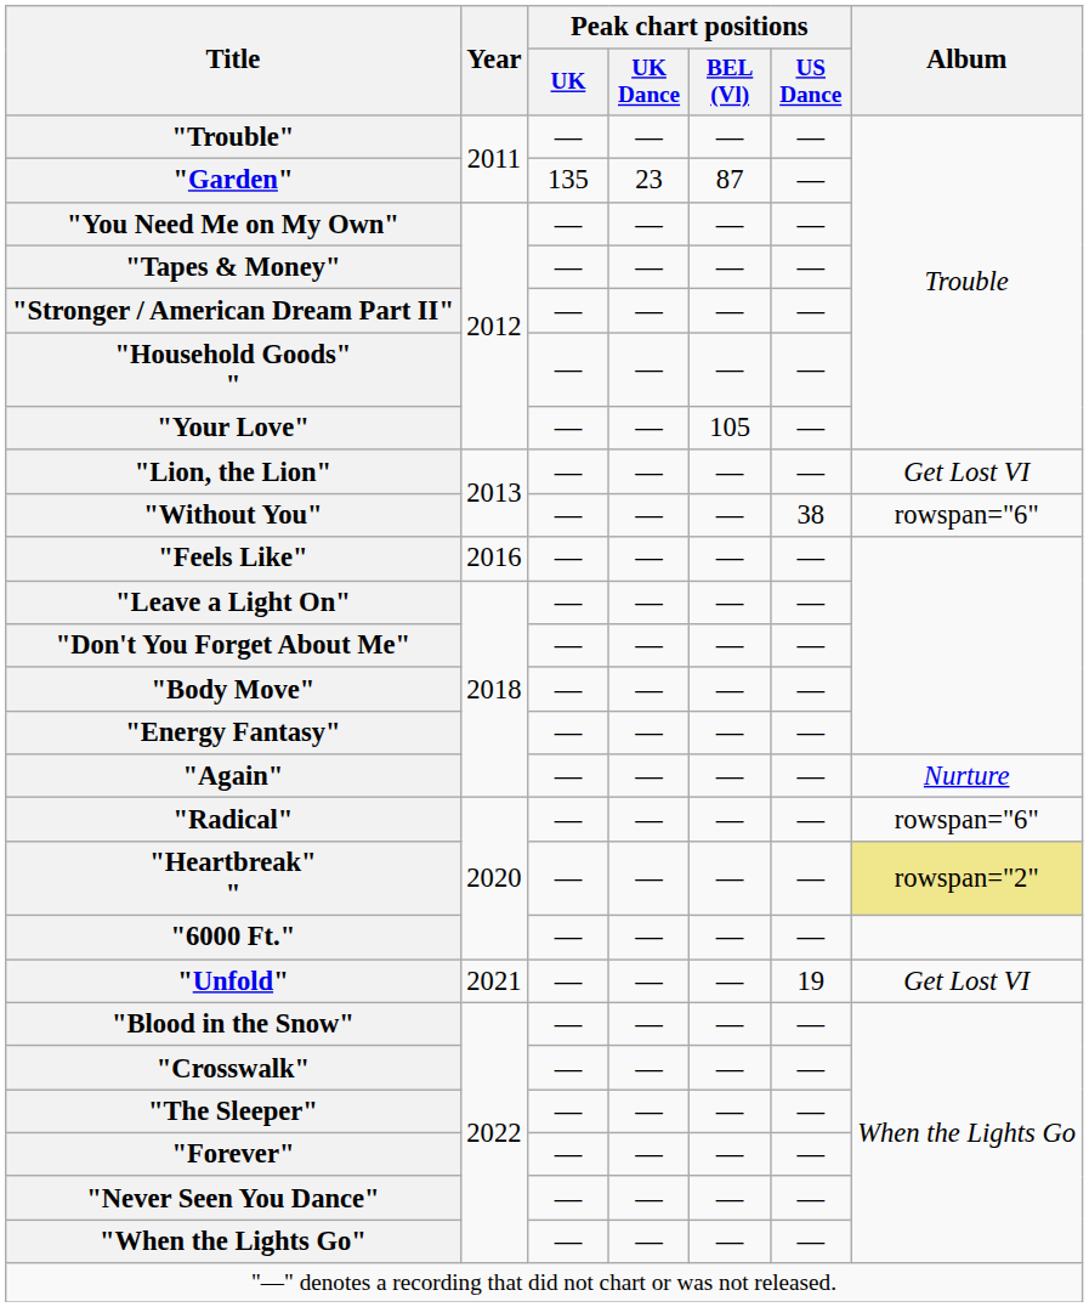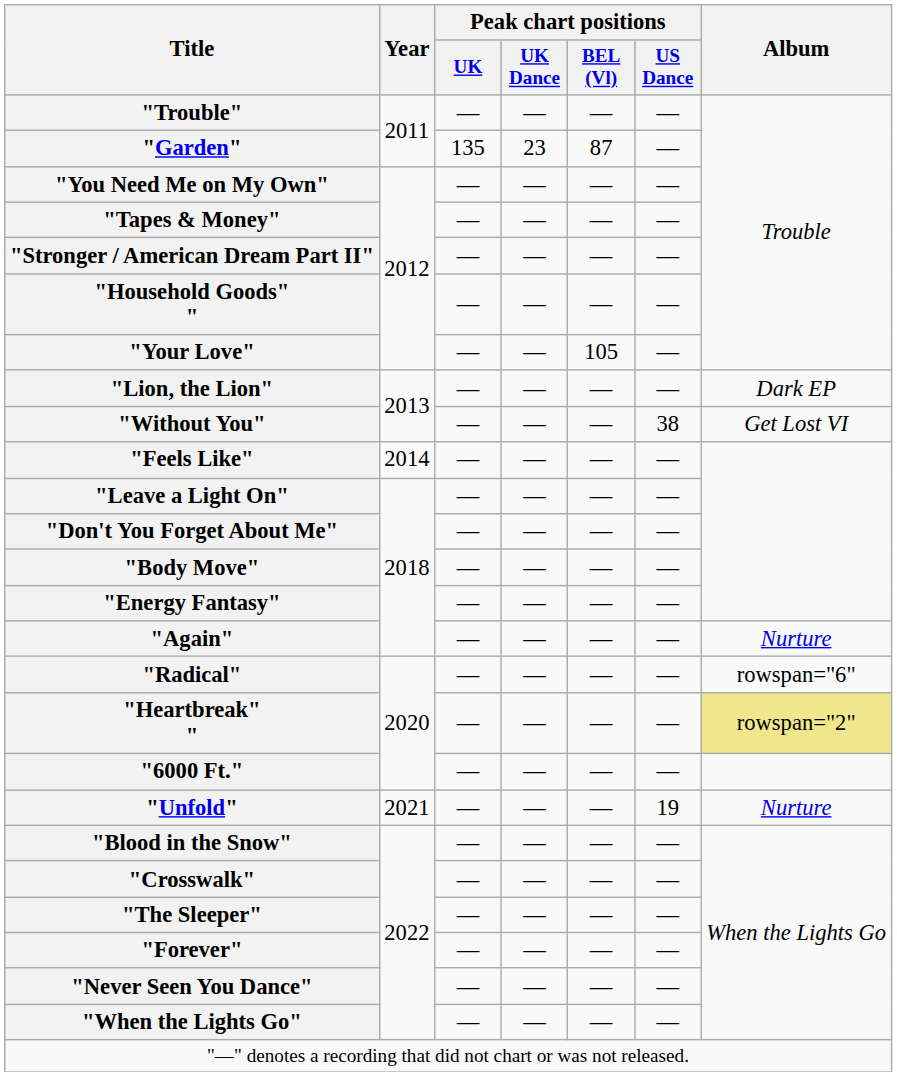 <table class="wikitable plainrowheaders" style="text-align:center;">
 <tr>
 <th scope="col" rowspan="2">Title</th>
 <th scope="col" rowspan="2">Year</th>
 <th scope="col" colspan="4">Peak chart positions</th>
 <th scope="col" rowspan="2">Album</th>
 </tr>
 <tr>
 <th scope="col" style="width:3em;font-size:85%;"><a href='#'>UK</a><br></th>
 <th scope="col" style="width:3em;font-size:85%;"><a href='#'>UK Dance</a><br></th>
 <th scope="col" style="width:3em;font-size:85%;"><a href='#'>BEL (Vl)</a><br></th>
 <th scope="col" style="width:3em;font-size:85%;"><a href='#'>US Dance</a><br></th>
 </tr>
 <tr>
 <th scope="row">"Trouble"</th>
 <td rowspan="2">2011</td>
 <td>—</td>
 <td>—</td>
 <td>—</td>
 <td>—</td>
 <td rowspan="7"><em>Trouble</em></td>
 </tr>
 <tr>
 <th scope="row">"<a href='#'>Garden</a>"</th>
 <td>135</td>
 <td>23</td>
 <td>87</td>
 <td>—</td>
 </tr>
 <tr>
 <th scope="row">"You Need Me on My Own"</th>
 <td rowspan="5">2012</td>
 <td>—</td>
 <td>—</td>
 <td>—</td>
 <td>—</td>
 </tr>
 <tr>
 <th scope="row">"Tapes & Money"</th>
 <td>—</td>
 <td>—</td>
 <td>—</td>
 <td>—</td>
 </tr>
 <tr>
 <th scope="row">"Stronger / American Dream Part II"</th>
 <td>—</td>
 <td>—</td>
 <td>—</td>
 <td>—</td>
 </tr>
 <tr>
 <th scope="row">"Household Goods"<br>"</th>
 <td>—</td>
 <td>—</td>
 <td>—</td>
 <td>—</td>
 </tr>
 <tr>
 <th scope="row">"Your Love"</th>
 <td>—</td>
 <td>—</td>
 <td>105</td>
 <td>—</td>
 </tr>
 <tr>
 <th scope="row">"Lion, the Lion"<br></th>
 <td rowspan="2">2013</td>
 <td>—</td>
 <td>—</td>
 <td>—</td>
 <td>—</td>
-<td rowspan="1"><em>Get Lost VI</em></td>
+<td><em>Dark EP</em></td>
 </tr>
 <tr>
 <th scope="row">"Without You"<br></th>
 <td>—</td>
 <td>—</td>
 <td>—</td>
 <td>38</td>
-<td>rowspan="6" </td>
+<td rowspan="1"><em>Get Lost VI</em></td>
 </tr>
 <tr>
 <th scope="row">"Feels Like"<br></th>
-<td>2016</td>
+<td>2014</td>
 <td>—</td>
 <td>—</td>
 <td>—</td>
 <td>—</td>
 </tr>
 <tr>
 <th scope="row">"Leave a Light On"</th>
 <td rowspan="5">2018</td>
 <td>—</td>
 <td>—</td>
 <td>—</td>
 <td>—</td>
 </tr>
 <tr>
 <th scope="row">"Don't You Forget About Me"</th>
 <td>—</td>
 <td>—</td>
 <td>—</td>
 <td>—</td>
 </tr>
 <tr>
 <th scope="row">"Body Move"</th>
 <td>—</td>
 <td>—</td>
 <td>—</td>
 <td>—</td>
 </tr>
 <tr>
 <th scope="row">"Energy Fantasy"</th>
 <td>—</td>
 <td>—</td>
 <td>—</td>
 <td>—</td>
 </tr>
 <tr>
 <th scope="row">"Again"<br></th>
 <td>—</td>
 <td>—</td>
 <td>—</td>
 <td>—</td>
 <td><em><a href='#'>Nurture</a></em></td>
 </tr>
 <tr>
 <th scope="row">"Radical"<br></th>
 <td rowspan="3">2020</td>
 <td>—</td>
 <td>—</td>
 <td>—</td>
 <td>—</td>
 <td>rowspan="6" </td>
 </tr>
 <tr>
 <th scope="row">"Heartbreak"<br>"</th>
 <td>—</td>
 <td>—</td>
 <td>—</td>
 <td>—</td>
 <td style="background: khaki;">rowspan="2" </td>
 </tr>
 <tr>
 <th scope="row">"6000 Ft."<br></th>
 <td>—</td>
 <td>—</td>
 <td>—</td>
 <td>—</td>
 </tr>
 <tr>
 <th scope="row">"<a href='#'>Unfold</a>"<br></th>
 <td>2021</td>
 <td>—</td>
 <td>—</td>
 <td>—</td>
 <td>19</td>
-<td rowspan="1"><em>Get Lost VI</em></td>
+<td><em><a href='#'>Nurture</a></em></td>
 </tr>
 <tr>
 <th scope="row">"Blood in the Snow"</th>
 <td rowspan="6">2022</td>
 <td>—</td>
 <td>—</td>
 <td>—</td>
 <td>—</td>
 <td rowspan="6"><em>When the Lights Go</em></td>
 </tr>
 <tr>
 <th scope="row">"Crosswalk"</th>
 <td>—</td>
 <td>—</td>
 <td>—</td>
 <td>—</td>
 </tr>
 <tr>
 <th scope="row">"The Sleeper"</th>
 <td>—</td>
 <td>—</td>
 <td>—</td>
 <td>—</td>
 </tr>
 <tr>
 <th scope="row">"Forever"</th>
 <td>—</td>
 <td>—</td>
 <td>—</td>
 <td>—</td>
 </tr>
 <tr>
 <th scope="row">"Never Seen You Dance"</th>
 <td>—</td>
 <td>—</td>
 <td>—</td>
 <td>—</td>
 </tr>
 <tr>
 <th scope="row">"When the Lights Go"</th>
 <td>—</td>
 <td>—</td>
 <td>—</td>
 <td>—</td>
 </tr>
 <tr>
 <td colspan="7" style="font-size:85%">"—" denotes a recording that did not chart or was not released.</td>
 </tr>
 </table>
